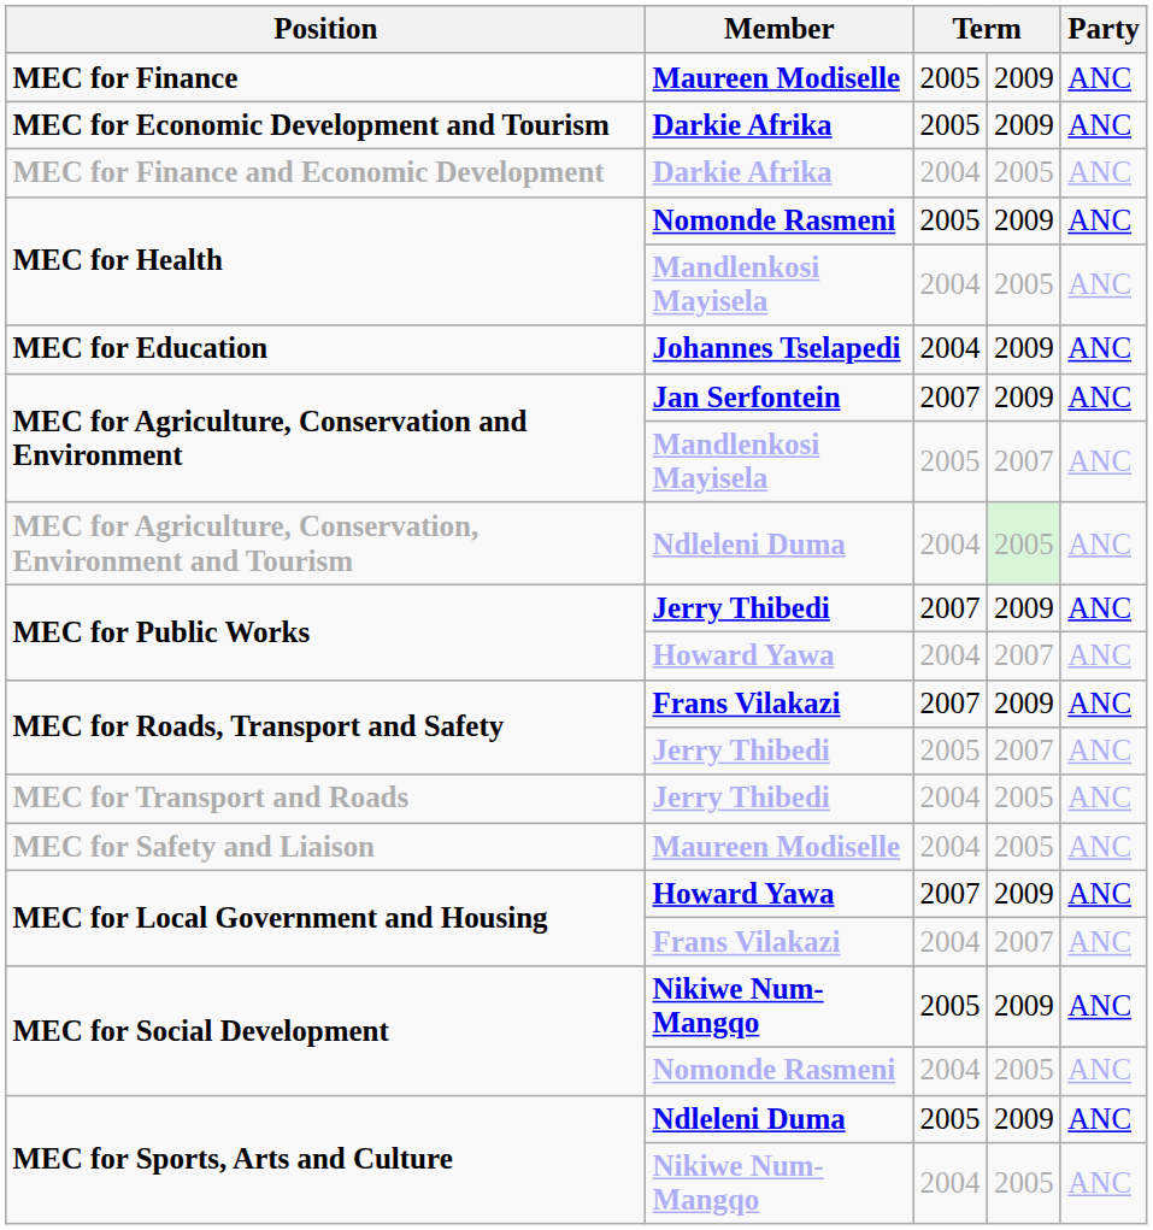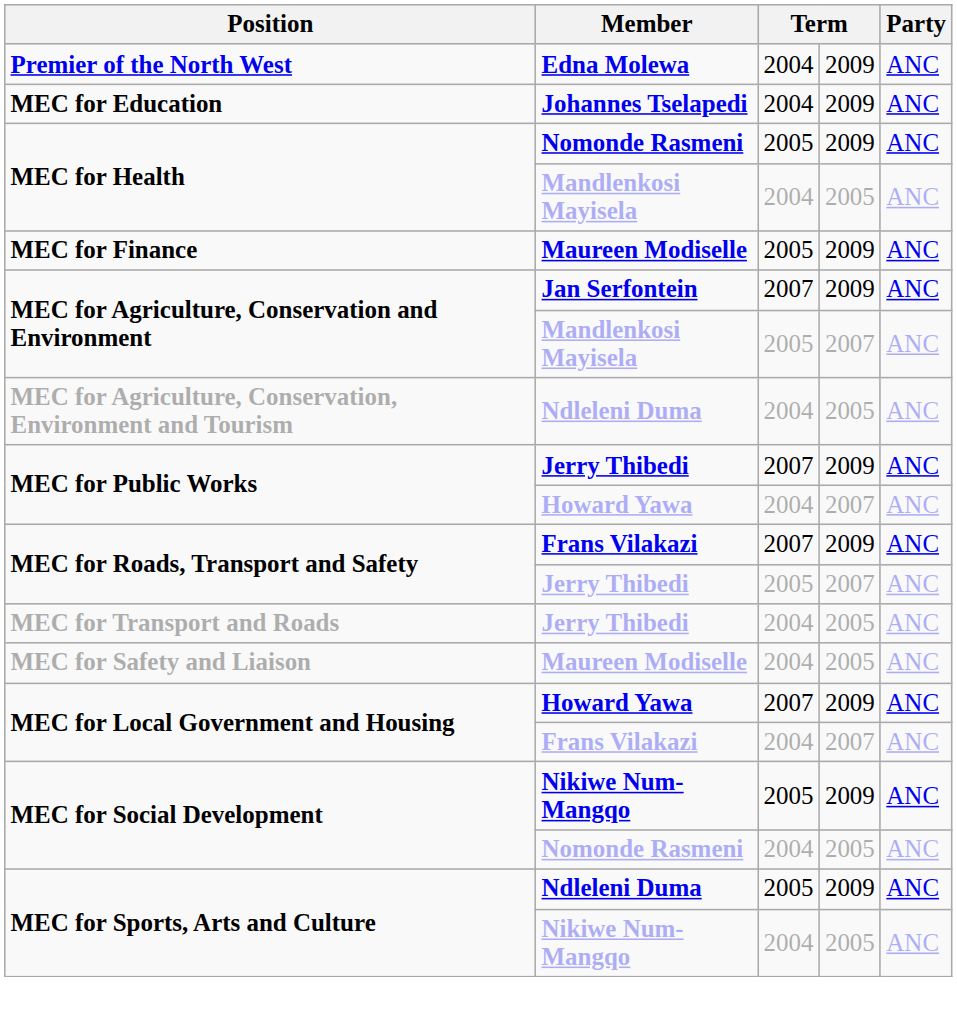 <table class="wikitable">
 <tr>
 <th>Position</th>
 <th>Member</th>
 <th colspan="2">Term</th>
 <th>Party</th>
 </tr>
 <tr>
-<td><strong>MEC for Finance</strong></td>
-<td><strong><a href='#'>Maureen Modiselle</a></strong></td>
-<td>2005</td>
+<td><strong><a href='#'>Premier of the North West</a></strong></td>
+<td><strong><a href='#'>Edna Molewa</a></strong></td>
+<td>2004</td>
 <td>2009</td>
 <td><a href='#'>ANC</a></td>
 </tr>
 <tr>
-<td><strong>MEC for Economic Development and Tourism</strong></td>
-<td><strong><a href='#'>Darkie Afrika</a></strong></td>
-<td>2005</td>
+<td><strong>MEC for Education</strong></td>
+<td><strong><a href='#'>Johannes Tselapedi</a></strong></td>
+<td>2004</td>
 <td>2009</td>
-<td><a href='#'>ANC</a></td>
-</tr>
-<tr style="opacity:.3;">
-<td><strong>MEC for Finance and Economic Development</strong></td>
-<td><strong><a href='#'>Darkie Afrika</a></strong></td>
-<td>2004</td>
-<td>2005</td>
 <td><a href='#'>ANC</a></td>
 </tr>
 <tr>
 <td rowspan="2"><strong>MEC for Health</strong></td>
 <td><strong><a href='#'>Nomonde Rasmeni</a></strong></td>
 <td>2005</td>
 <td>2009</td>
 <td><a href='#'>ANC</a></td>
 </tr>
 <tr style="opacity:.3;">
 <td><strong><a href='#'>Mandlenkosi Mayisela</a></strong></td>
 <td>2004</td>
 <td>2005</td>
 <td><a href='#'>ANC</a></td>
 </tr>
 <tr>
-<td><strong>MEC for Education</strong></td>
-<td><strong><a href='#'>Johannes Tselapedi</a></strong></td>
-<td>2004</td>
+<td><strong>MEC for Finance</strong></td>
+<td><strong><a href='#'>Maureen Modiselle</a></strong></td>
+<td>2005</td>
 <td>2009</td>
 <td><a href='#'>ANC</a></td>
 </tr>
 <tr>
 <td rowspan="2"><strong>MEC for Agriculture, Conservation and Environment</strong></td>
 <td><a href='#'><strong>Jan Serfontein</strong></a></td>
 <td>2007</td>
 <td>2009</td>
 <td><a href='#'>ANC</a></td>
 </tr>
 <tr style="opacity:.3;">
 <td><strong><a href='#'>Mandlenkosi Mayisela</a></strong></td>
 <td>2005</td>
 <td>2007</td>
 <td><a href='#'>ANC</a></td>
 </tr>
 <tr style="opacity:.3;">
 <td><strong>MEC for Agriculture, Conservation, Environment and Tourism</strong></td>
 <td><strong><a href='#'>Ndleleni Duma</a></strong></td>
 <td>2004</td>
-<td style="background: lightgreen;">2005</td>
+<td>2005</td>
 <td><a href='#'>ANC</a></td>
 </tr>
 <tr>
 <td rowspan="2"><strong>MEC for Public Works</strong></td>
 <td><strong><a href='#'>Jerry Thibedi</a></strong></td>
 <td>2007</td>
 <td>2009</td>
 <td><a href='#'>ANC</a></td>
 </tr>
 <tr style="opacity:.3;">
 <td><strong><a href='#'>Howard Yawa</a></strong></td>
 <td>2004</td>
 <td>2007</td>
 <td><a href='#'>ANC</a></td>
 </tr>
 <tr>
 <td rowspan="2"><strong>MEC for Roads, Transport and Safety</strong></td>
 <td><strong><a href='#'>Frans Vilakazi</a></strong></td>
 <td>2007</td>
 <td>2009</td>
 <td><a href='#'>ANC</a></td>
 </tr>
 <tr style="opacity:.3;">
 <td><strong><a href='#'>Jerry Thibedi</a></strong></td>
 <td>2005</td>
 <td>2007</td>
 <td><a href='#'>ANC</a></td>
 </tr>
 <tr style="opacity:.3;">
 <td><strong>MEC for Transport and Roads</strong></td>
 <td><strong><a href='#'>Jerry Thibedi</a></strong></td>
 <td>2004</td>
 <td>2005</td>
 <td><a href='#'>ANC</a></td>
 </tr>
 <tr style="opacity:.3;">
 <td><strong>MEC for Safety and Liaison</strong></td>
 <td><strong><a href='#'>Maureen Modiselle</a></strong></td>
 <td>2004</td>
 <td>2005</td>
 <td><a href='#'>ANC</a></td>
 </tr>
 <tr>
 <td rowspan="2"><strong>MEC for Local Government and Housing</strong></td>
 <td><strong><a href='#'>Howard Yawa</a></strong></td>
 <td>2007</td>
 <td>2009</td>
 <td><a href='#'>ANC</a></td>
 </tr>
 <tr style="opacity:.3;">
 <td><strong><a href='#'>Frans Vilakazi</a></strong></td>
 <td>2004</td>
 <td>2007</td>
 <td><a href='#'>ANC</a></td>
 </tr>
 <tr>
 <td rowspan="2"><strong>MEC for Social Development</strong></td>
 <td><strong><a href='#'>Nikiwe Num-Mangqo</a></strong></td>
 <td>2005</td>
 <td>2009</td>
 <td><a href='#'>ANC</a></td>
 </tr>
 <tr style="opacity:.3;">
 <td><strong><a href='#'>Nomonde Rasmeni</a></strong></td>
 <td>2004</td>
 <td>2005</td>
 <td><a href='#'>ANC</a></td>
 </tr>
 <tr>
 <td rowspan="2"><strong>MEC for Sports, Arts and Culture</strong></td>
 <td><strong><a href='#'>Ndleleni Duma</a></strong></td>
 <td>2005</td>
 <td>2009</td>
 <td><a href='#'>ANC</a></td>
 </tr>
 <tr style="opacity:.3;">
 <td><strong><a href='#'>Nikiwe Num-Mangqo</a></strong></td>
 <td>2004</td>
 <td>2005</td>
 <td><a href='#'>ANC</a></td>
 </tr>
 </table>
